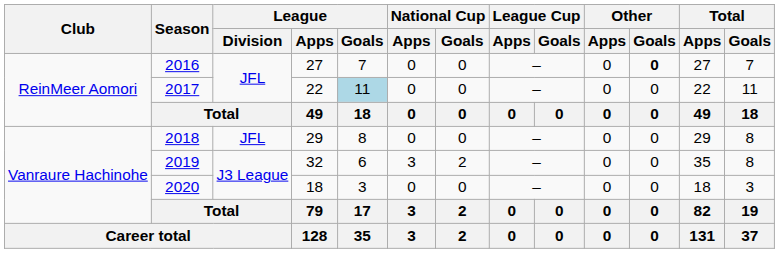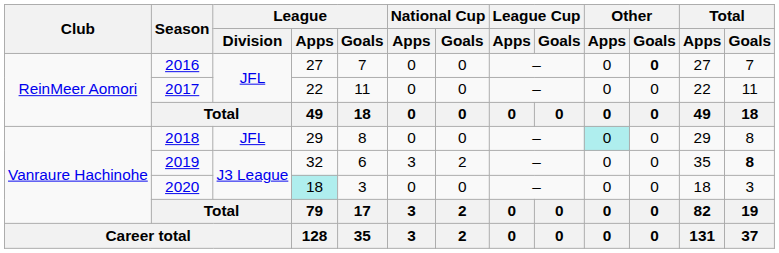 <table class="wikitable" style="text-align: center">
 <tr>
 <th rowspan="2">Club</th>
 <th rowspan="2">Season</th>
 <th colspan="3">League</th>
 <th colspan="2">National Cup</th>
 <th colspan="2">League Cup</th>
 <th colspan="2">Other</th>
 <th colspan="2">Total</th>
 </tr>
 <tr>
 <th>Division</th>
 <th>Apps</th>
 <th>Goals</th>
 <th>Apps</th>
 <th>Goals</th>
 <th>Apps</th>
 <th>Goals</th>
 <th>Apps</th>
 <th>Goals</th>
 <th>Apps</th>
 <th>Goals</th>
 </tr>
 <tr>
 <td rowspan="3"><a href='#'>ReinMeer Aomori</a></td>
 <td><a href='#'>2016</a></td>
 <td rowspan="2"><a href='#'>JFL</a></td>
 <td>27</td>
 <td>7</td>
 <td>0</td>
 <td>0</td>
 <td colspan="2">–</td>
 <td>0</td>
 <td><strong>0</strong></td>
 <td>27</td>
 <td>7</td>
 </tr>
 <tr>
 <td><a href='#'>2017</a></td>
 <td>22</td>
-<td style="background: lightblue;">11</td>
+<td>11</td>
 <td>0</td>
 <td>0</td>
 <td colspan="2">–</td>
 <td>0</td>
 <td>0</td>
 <td>22</td>
 <td>11</td>
 </tr>
 <tr>
 <th colspan=2>Total</th>
 <th>49</th>
 <th>18</th>
 <th>0</th>
 <th>0</th>
 <th>0</th>
 <th>0</th>
 <th>0</th>
 <th>0</th>
 <th>49</th>
 <th>18</th>
 </tr>
 <tr>
 <td rowspan="4"><a href='#'>Vanraure Hachinohe</a></td>
 <td><a href='#'>2018</a></td>
 <td><a href='#'>JFL</a></td>
 <td>29</td>
 <td>8</td>
 <td>0</td>
 <td>0</td>
 <td colspan="2">–</td>
-<td>0</td>
+<td style="background: paleturquoise;">0</td>
 <td>0</td>
 <td>29</td>
 <td>8</td>
 </tr>
 <tr>
 <td><a href='#'>2019</a></td>
 <td rowspan="2"><a href='#'>J3 League</a></td>
 <td>32</td>
 <td>6</td>
 <td>3</td>
 <td>2</td>
 <td colspan="2">–</td>
 <td>0</td>
 <td>0</td>
 <td>35</td>
-<td>8</td>
+<td><strong>8</strong></td>
 </tr>
 <tr>
 <td><a href='#'>2020</a></td>
-<td>18</td>
+<td style="background: paleturquoise;">18</td>
 <td>3</td>
 <td>0</td>
 <td>0</td>
 <td colspan="2">–</td>
 <td>0</td>
 <td>0</td>
 <td>18</td>
 <td>3</td>
 </tr>
 <tr>
 <th colspan=2>Total</th>
 <th>79</th>
 <th>17</th>
 <th>3</th>
 <th>2</th>
 <th>0</th>
 <th>0</th>
 <th>0</th>
 <th>0</th>
 <th>82</th>
 <th>19</th>
 </tr>
 <tr>
 <th colspan=3>Career total</th>
 <th>128</th>
 <th>35</th>
 <th>3</th>
 <th>2</th>
 <th>0</th>
 <th>0</th>
 <th>0</th>
 <th>0</th>
 <th>131</th>
 <th>37</th>
 </tr>
 </table>
